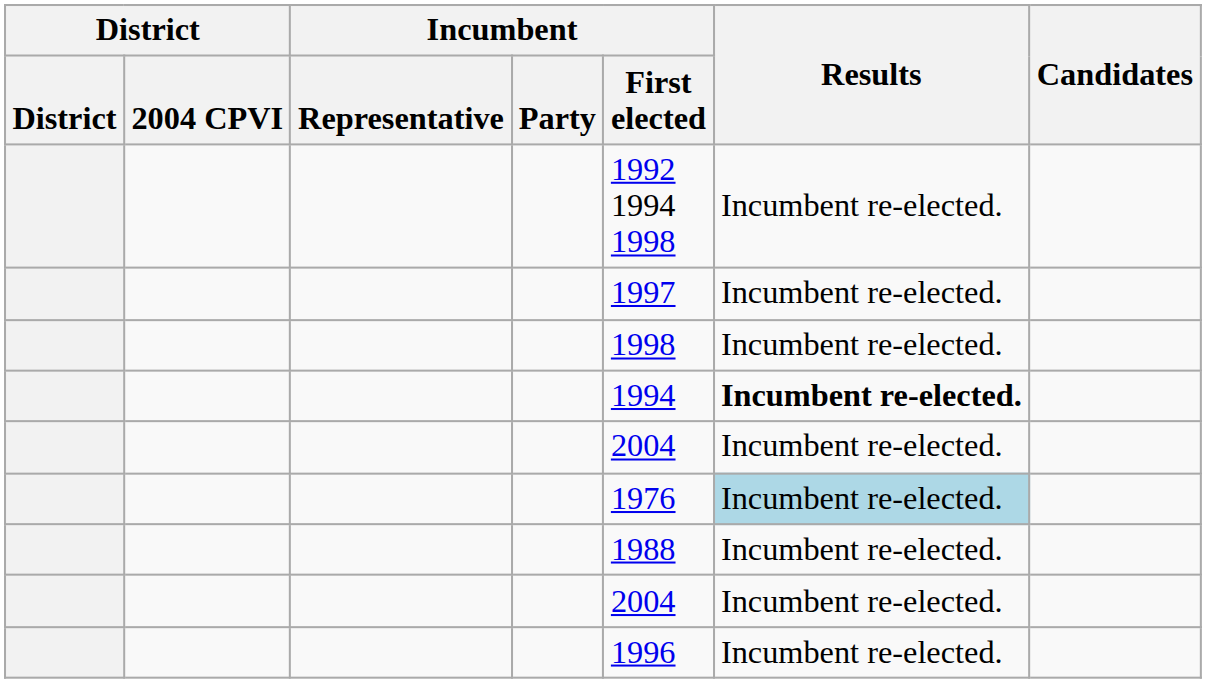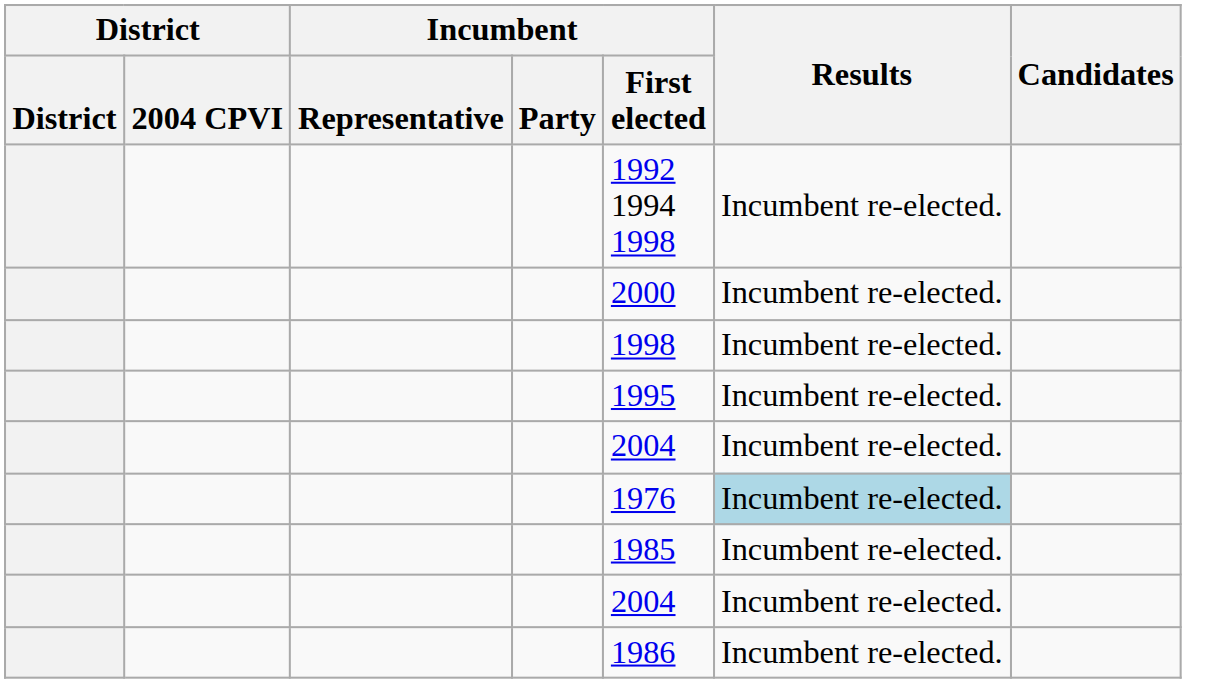 <table class="wikitable sortable">
 <tr>
 <th colspan=2>District</th>
 <th colspan=3>Incumbent</th>
 <th rowspan=2>Results</th>
 <th rowspan=2>Candidates</th>
 </tr>
 <tr valign=bottom>
 <th>District</th>
 <th>2004 CPVI</th>
 <th>Representative</th>
 <th>Party</th>
 <th>First<br>elected</th>
 </tr>
 <tr>
 <th></th>
 <td></td>
 <td></td>
 <td></td>
 <td><a href='#'>1992</a><br>1994 <br><a href='#'>1998</a></td>
 <td>Incumbent re-elected.</td>
 <td nowrap></td>
 </tr>
 <tr>
 <th></th>
 <td></td>
 <td></td>
 <td></td>
-<td><a href='#'>1997</a></td>
+<td><a href='#'>2000</a></td>
 <td>Incumbent re-elected.</td>
 <td nowrap></td>
 </tr>
 <tr>
 <th></th>
 <td></td>
 <td></td>
 <td></td>
 <td><a href='#'>1998</a></td>
 <td>Incumbent re-elected.</td>
 <td nowrap></td>
 </tr>
 <tr>
 <th></th>
 <td></td>
 <td></td>
 <td></td>
-<td><a href='#'>1994</a></td>
-<td><strong>Incumbent re-elected.</strong></td>
+<td><a href='#'>1995</a></td>
+<td>Incumbent re-elected.</td>
 <td nowrap></td>
 </tr>
 <tr>
 <th></th>
 <td></td>
 <td></td>
 <td></td>
 <td><a href='#'>2004</a></td>
 <td>Incumbent re-elected.</td>
 <td nowrap></td>
 </tr>
 <tr>
 <th></th>
 <td></td>
 <td></td>
 <td></td>
 <td><a href='#'>1976</a></td>
 <td style="background: lightblue;">Incumbent re-elected.</td>
 <td nowrap></td>
 </tr>
 <tr>
 <th></th>
 <td></td>
 <td></td>
 <td></td>
-<td><a href='#'>1988</a></td>
+<td><a href='#'>1985</a></td>
 <td>Incumbent re-elected.</td>
 <td nowrap></td>
 </tr>
 <tr>
 <th></th>
 <td></td>
 <td></td>
 <td></td>
 <td><a href='#'>2004</a></td>
 <td>Incumbent re-elected.</td>
 <td nowrap></td>
 </tr>
 <tr>
 <th></th>
 <td></td>
 <td></td>
 <td></td>
-<td><a href='#'>1996</a></td>
+<td><a href='#'>1986</a></td>
 <td>Incumbent re-elected.</td>
 <td nowrap></td>
 </tr>
 </table>
